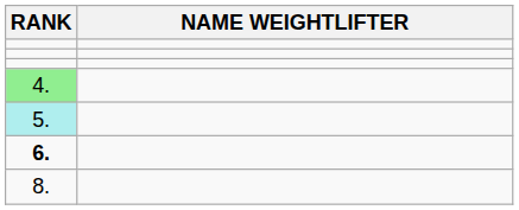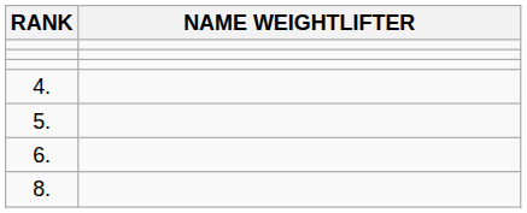 <table class="wikitable" style="font-size:95%;">
 <tr>
 <th>RANK</th>
 <th align="left" style="width: 20em">NAME WEIGHTLIFTER</th>
 </tr>
 <tr>
 <td align="center"></td>
 <td></td>
 </tr>
 <tr>
 <td align="center"></td>
 <td></td>
 </tr>
 <tr>
 <td align="center"></td>
 <td></td>
 </tr>
 <tr>
-<td align="center" style="background: lightgreen;">4.</td>
+<td align="center">4.</td>
 <td></td>
 </tr>
 <tr>
-<td align="center" style="background: paleturquoise;">5.</td>
+<td align="center">5.</td>
 <td></td>
 </tr>
 <tr>
-<td align="center"><strong>6.</strong></td>
+<td align="center">6.</td>
 <td></td>
 </tr>
 <tr>
 <td align="center">8.</td>
 <td></td>
 </tr>
 </table>
